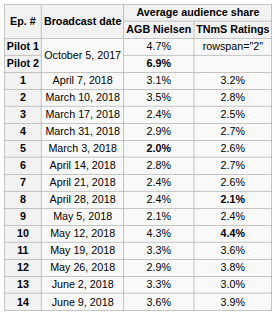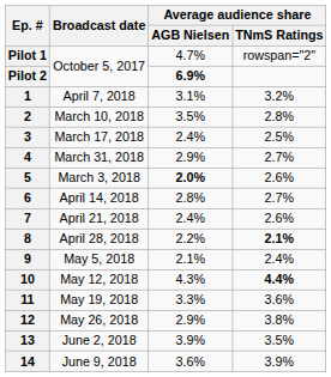 <table class="wikitable" style="text-align:center">
 <tr>
 <th rowspan="2">Ep. #</th>
 <th rowspan="2">Broadcast date</th>
 <th colspan="2">Average audience share</th>
 </tr>
 <tr>
 <th colspan="1">AGB Nielsen</th>
 <th colspan="1">TNmS Ratings</th>
 </tr>
 <tr>
 <th>Pilot 1</th>
 <td rowspan="2">October 5, 2017</td>
 <td>4.7%</td>
 <td>rowspan="2" </td>
 </tr>
 <tr>
 <th>Pilot 2</th>
 <td><span><strong>6.9%</strong></span></td>
 </tr>
 <tr>
 <th>1</th>
 <td>April 7, 2018</td>
 <td>3.1%</td>
 <td>3.2%</td>
 </tr>
 <tr>
 <th>2</th>
 <td>March 10, 2018</td>
 <td>3.5%</td>
 <td>2.8%</td>
 </tr>
 <tr>
 <th>3</th>
 <td>March 17, 2018</td>
 <td>2.4%</td>
 <td>2.5%</td>
 </tr>
 <tr>
 <th>4</th>
 <td>March 31, 2018</td>
 <td>2.9%</td>
 <td>2.7%</td>
 </tr>
 <tr>
 <th>5</th>
 <td>March 3, 2018</td>
 <td><span><strong>2.0%</strong></span></td>
 <td>2.6%</td>
 </tr>
 <tr>
 <th>6</th>
 <td>April 14, 2018</td>
 <td>2.8%</td>
 <td>2.7%</td>
 </tr>
 <tr>
 <th>7</th>
 <td>April 21, 2018</td>
 <td>2.4%</td>
 <td>2.6%</td>
 </tr>
 <tr>
 <th>8</th>
 <td>April 28, 2018</td>
-<td>2.4%</td>
+<td>2.2%</td>
 <td><span><strong>2.1%</strong></span></td>
 </tr>
 <tr>
 <th>9</th>
 <td>May 5, 2018</td>
 <td>2.1%</td>
 <td>2.4%</td>
 </tr>
 <tr>
 <th>10</th>
 <td>May 12, 2018</td>
 <td>4.3%</td>
 <td><span><strong>4.4%</strong></span></td>
 </tr>
 <tr>
 <th>11</th>
 <td>May 19, 2018</td>
 <td>3.3%</td>
 <td>3.6%</td>
 </tr>
 <tr>
 <th>12</th>
 <td>May 26, 2018</td>
 <td>2.9%</td>
 <td>3.8%</td>
 </tr>
 <tr>
 <th>13</th>
 <td>June 2, 2018</td>
-<td>3.3%</td>
-<td>3.0%</td>
+<td>3.9%</td>
+<td>3.5%</td>
 </tr>
 <tr>
 <th>14</th>
 <td>June 9, 2018</td>
 <td>3.6%</td>
 <td>3.9%</td>
 </tr>
 </table>
